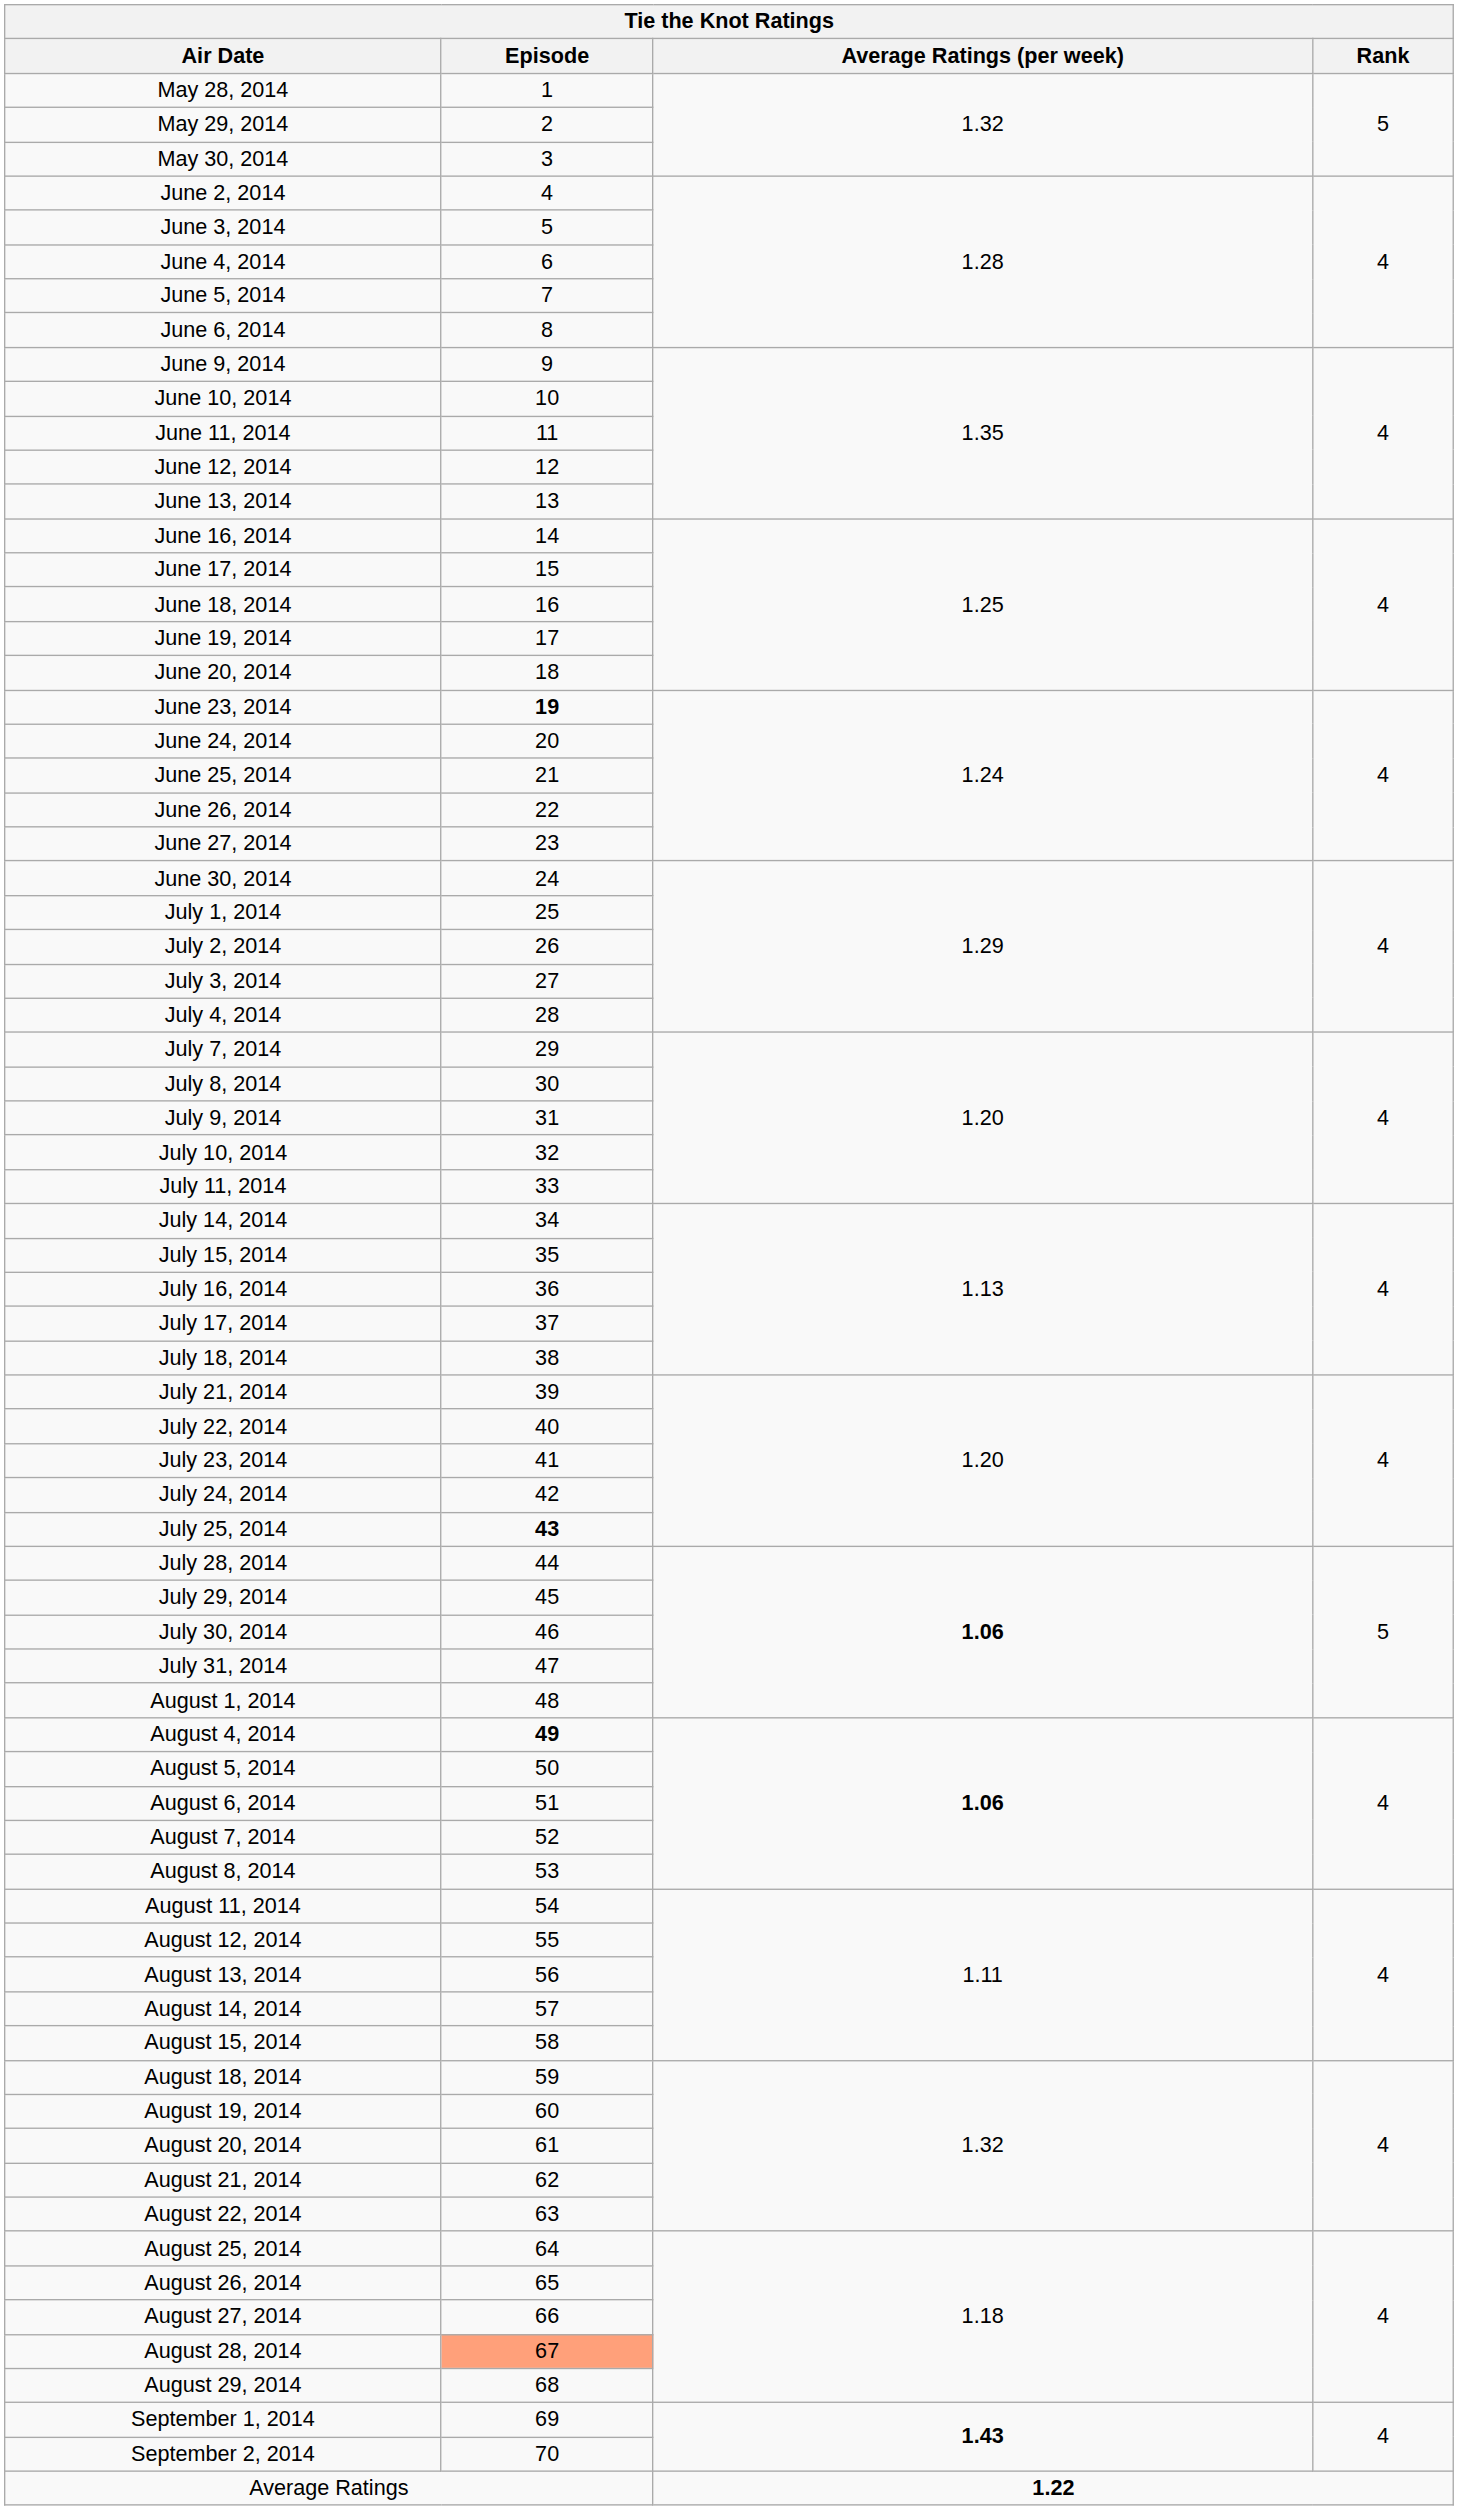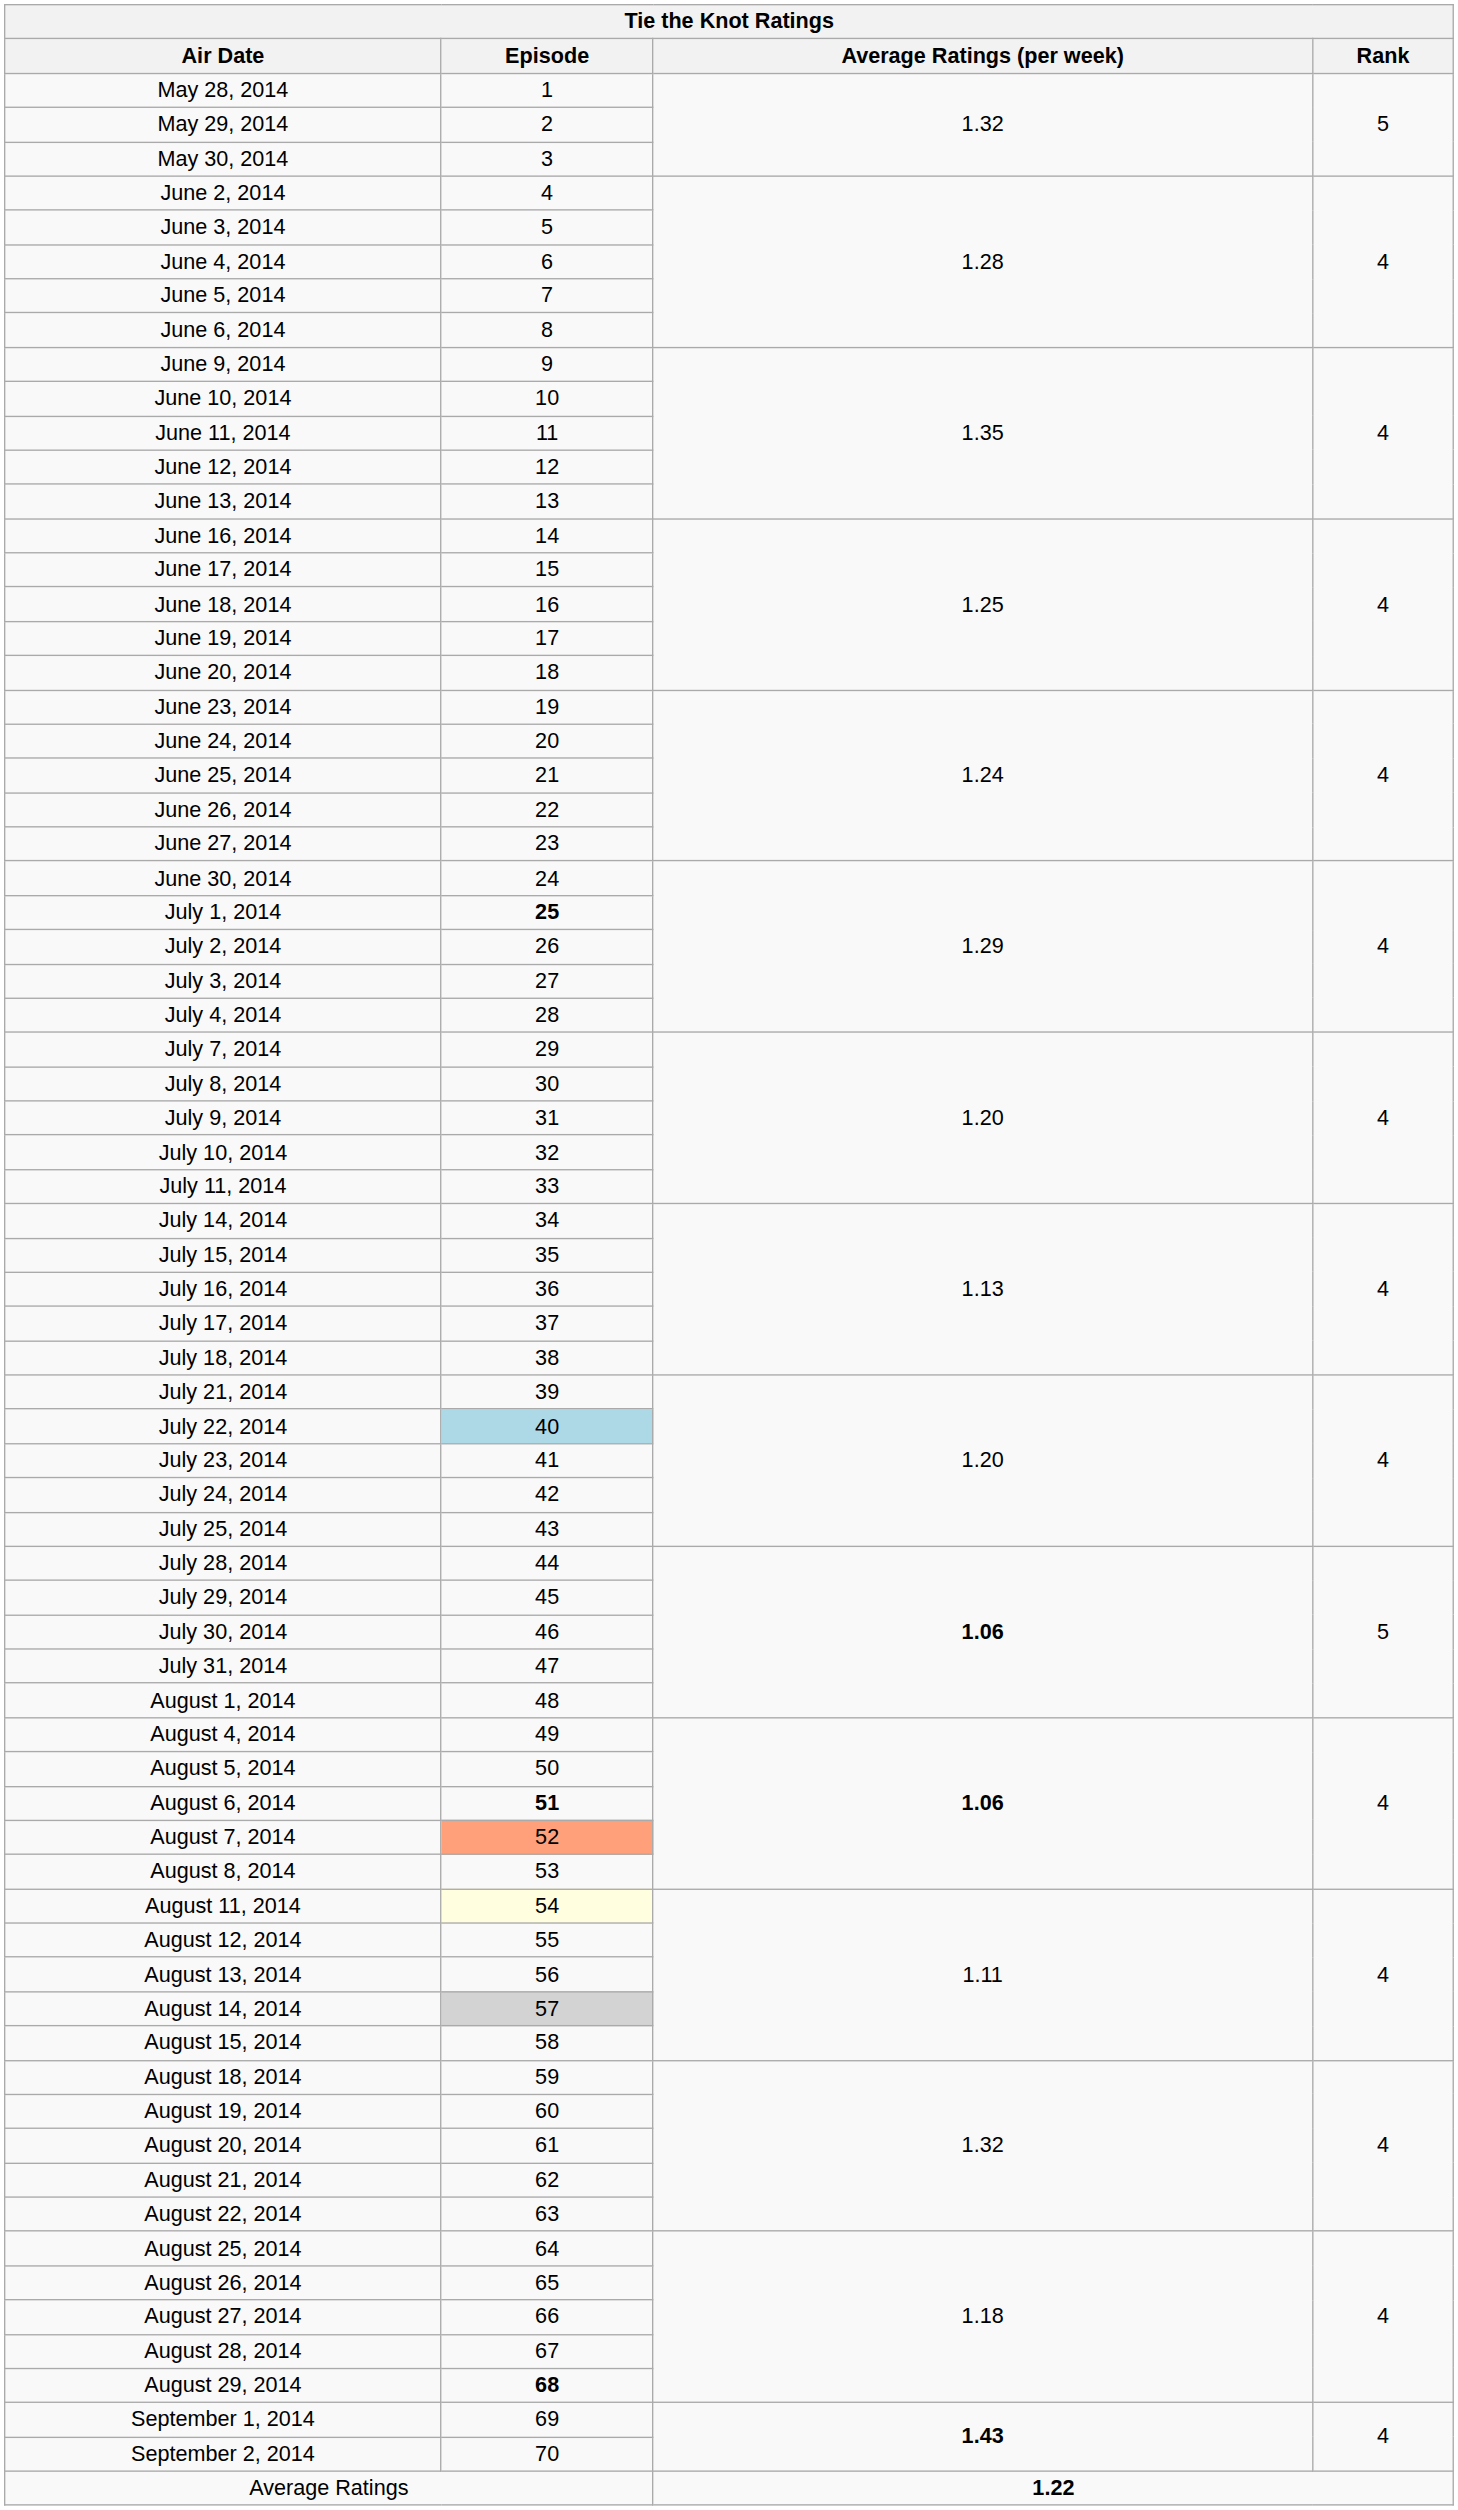 <table class="wikitable collapsible collapsed" width="85%">
 <tr align=center>
 <th colspan=4>Tie the Knot Ratings</th>
 </tr>
 <tr align=center>
 <th>Air Date</th>
 <th>Episode</th>
 <th>Average Ratings (per week)</th>
 <th>Rank</th>
 </tr>
 <tr align=center>
 <td>May 28, 2014</td>
 <td>1</td>
 <td rowspan=3>1.32</td>
 <td rowspan=3>5</td>
 </tr>
 <tr align=center>
 <td>May 29, 2014</td>
 <td>2</td>
 </tr>
 <tr align=center>
 <td>May 30, 2014</td>
 <td>3</td>
 </tr>
 <tr align=center>
 <td>June 2, 2014</td>
 <td>4</td>
 <td rowspan=5>1.28</td>
 <td rowspan=5>4</td>
 </tr>
 <tr align=center>
 <td>June 3, 2014</td>
 <td>5</td>
 </tr>
 <tr align=center>
 <td>June 4, 2014</td>
 <td>6</td>
 </tr>
 <tr align=center>
 <td>June 5, 2014</td>
 <td>7</td>
 </tr>
 <tr align=center>
 <td>June 6, 2014</td>
 <td>8</td>
 </tr>
 <tr align=center>
 <td>June 9, 2014</td>
 <td>9</td>
 <td rowspan=5>1.35</td>
 <td rowspan=5>4</td>
 </tr>
 <tr align=center>
 <td>June 10, 2014</td>
 <td>10</td>
 </tr>
 <tr align=center>
 <td>June 11, 2014</td>
 <td>11</td>
 </tr>
 <tr align=center>
 <td>June 12, 2014</td>
 <td>12</td>
 </tr>
 <tr align=center>
 <td>June 13, 2014</td>
 <td>13</td>
 </tr>
 <tr align=center>
 <td>June 16, 2014</td>
 <td>14</td>
 <td rowspan=5>1.25</td>
 <td rowspan=5>4</td>
 </tr>
 <tr align=center>
 <td>June 17, 2014</td>
 <td>15</td>
 </tr>
 <tr align=center>
 <td>June 18, 2014</td>
 <td>16</td>
 </tr>
 <tr align=center>
 <td>June 19, 2014</td>
 <td>17</td>
 </tr>
 <tr align=center>
 <td>June 20, 2014</td>
 <td>18</td>
 </tr>
 <tr align=center>
 <td>June 23, 2014</td>
-<td><strong>19</strong></td>
+<td>19</td>
 <td rowspan=5>1.24</td>
 <td rowspan=5>4</td>
 </tr>
 <tr align=center>
 <td>June 24, 2014</td>
 <td>20</td>
 </tr>
 <tr align=center>
 <td>June 25, 2014</td>
 <td>21</td>
 </tr>
 <tr align=center>
 <td>June 26, 2014</td>
 <td>22</td>
 </tr>
 <tr align=center>
 <td>June 27, 2014</td>
 <td>23</td>
 </tr>
 <tr align=center>
 <td>June 30, 2014</td>
 <td>24</td>
 <td rowspan=5>1.29</td>
 <td rowspan=5>4</td>
 </tr>
 <tr align=center>
 <td>July 1, 2014</td>
-<td>25</td>
+<td><strong>25</strong></td>
 </tr>
 <tr align=center>
 <td>July 2, 2014</td>
 <td>26</td>
 </tr>
 <tr align=center>
 <td>July 3, 2014</td>
 <td>27</td>
 </tr>
 <tr align=center>
 <td>July 4, 2014</td>
 <td>28</td>
 </tr>
 <tr align=center>
 <td>July 7, 2014</td>
 <td>29</td>
 <td rowspan=5>1.20</td>
 <td rowspan=5>4</td>
 </tr>
 <tr align=center>
 <td>July 8, 2014</td>
 <td>30</td>
 </tr>
 <tr align=center>
 <td>July 9, 2014</td>
 <td>31</td>
 </tr>
 <tr align=center>
 <td>July 10, 2014</td>
 <td>32</td>
 </tr>
 <tr align=center>
 <td>July 11, 2014</td>
 <td>33</td>
 </tr>
 <tr align=center>
 <td>July 14, 2014</td>
 <td>34</td>
 <td rowspan=5>1.13</td>
 <td rowspan=5>4</td>
 </tr>
 <tr align=center>
 <td>July 15, 2014</td>
 <td>35</td>
 </tr>
 <tr align=center>
 <td>July 16, 2014</td>
 <td>36</td>
 </tr>
 <tr align=center>
 <td>July 17, 2014</td>
 <td>37</td>
 </tr>
 <tr align=center>
 <td>July 18, 2014</td>
 <td>38</td>
 </tr>
 <tr align=center>
 <td>July 21, 2014</td>
 <td>39</td>
 <td rowspan=5>1.20</td>
 <td rowspan=5>4</td>
 </tr>
 <tr align=center>
 <td>July 22, 2014</td>
-<td>40</td>
+<td style="background: lightblue;">40</td>
 </tr>
 <tr align=center>
 <td>July 23, 2014</td>
 <td>41</td>
 </tr>
 <tr align=center>
 <td>July 24, 2014</td>
 <td>42</td>
 </tr>
 <tr align=center>
 <td>July 25, 2014</td>
-<td><strong>43</strong></td>
+<td>43</td>
 </tr>
 <tr align=center>
 <td>July 28, 2014</td>
 <td>44</td>
 <td rowspan=5><span><strong>1.06</strong></span></td>
 <td rowspan=5>5</td>
 </tr>
 <tr align=center>
 <td>July 29, 2014</td>
 <td>45</td>
 </tr>
 <tr align=center>
 <td>July 30, 2014</td>
 <td>46</td>
 </tr>
 <tr align=center>
 <td>July 31, 2014</td>
 <td>47</td>
 </tr>
 <tr align=center>
 <td>August 1, 2014</td>
 <td>48</td>
 </tr>
 <tr align=center>
 <td>August 4, 2014</td>
-<td><strong>49</strong></td>
+<td>49</td>
 <td rowspan=5><span><strong>1.06</strong></span></td>
 <td rowspan=5>4</td>
 </tr>
 <tr align=center>
 <td>August 5, 2014</td>
 <td>50</td>
 </tr>
 <tr align=center>
 <td>August 6, 2014</td>
-<td>51</td>
+<td><strong>51</strong></td>
 </tr>
 <tr align=center>
 <td>August 7, 2014</td>
-<td>52</td>
+<td style="background: lightsalmon;">52</td>
 </tr>
 <tr align=center>
 <td>August 8, 2014</td>
 <td>53</td>
 </tr>
 <tr align=center>
 <td>August 11, 2014</td>
-<td>54</td>
+<td style="background: lightyellow;">54</td>
 <td rowspan=5>1.11</td>
 <td rowspan=5>4</td>
 </tr>
 <tr align=center>
 <td>August 12, 2014</td>
 <td>55</td>
 </tr>
 <tr align=center>
 <td>August 13, 2014</td>
 <td>56</td>
 </tr>
 <tr align=center>
 <td>August 14, 2014</td>
-<td>57</td>
+<td style="background: lightgrey;">57</td>
 </tr>
 <tr align=center>
 <td>August 15, 2014</td>
 <td>58</td>
 </tr>
 <tr align=center>
 <td>August 18, 2014</td>
 <td>59</td>
 <td rowspan=5>1.32</td>
 <td rowspan=5>4</td>
 </tr>
 <tr align=center>
 <td>August 19, 2014</td>
 <td>60</td>
 </tr>
 <tr align=center>
 <td>August 20, 2014</td>
 <td>61</td>
 </tr>
 <tr align=center>
 <td>August 21, 2014</td>
 <td>62</td>
 </tr>
 <tr align=center>
 <td>August 22, 2014</td>
 <td>63</td>
 </tr>
 <tr align=center>
 <td>August 25, 2014</td>
 <td>64</td>
 <td rowspan=5>1.18</td>
 <td rowspan=5>4</td>
 </tr>
 <tr align=center>
 <td>August 26, 2014</td>
 <td>65</td>
 </tr>
 <tr align=center>
 <td>August 27, 2014</td>
 <td>66</td>
 </tr>
 <tr align=center>
 <td>August 28, 2014</td>
-<td style="background: lightsalmon;">67</td>
+<td>67</td>
 </tr>
 <tr align=center>
 <td>August 29, 2014</td>
-<td>68</td>
+<td><strong>68</strong></td>
 </tr>
 <tr align=center>
 <td>September 1, 2014</td>
 <td>69</td>
 <td rowspan=2><span><strong>1.43</strong></span></td>
 <td rowspan=2>4</td>
 </tr>
 <tr align=center>
 <td>September 2, 2014</td>
 <td>70</td>
 </tr>
 <tr align=center>
 <td colspan=2>Average Ratings</td>
 <td colspan=2><strong>1.22</strong></td>
 </tr>
 </table>
